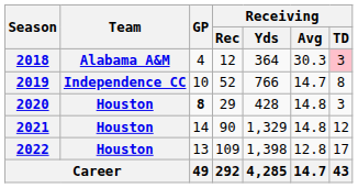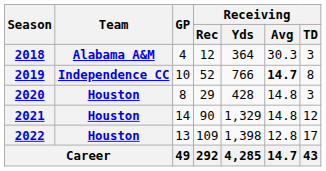 <table class="wikitable" style="text-align:center;">
 <tr>
 <th rowspan="2">Season</th>
 <th rowspan="2">Team</th>
 <th rowspan="2">GP</th>
 <th colspan="4">Receiving</th>
 </tr>
 <tr>
 <th>Rec</th>
 <th>Yds</th>
 <th>Avg</th>
 <th>TD</th>
 </tr>
 <tr>
 <th><a href='#'>2018</a></th>
 <th><a href='#'>Alabama A&M</a></th>
 <td>4</td>
 <td>12</td>
 <td>364</td>
 <td>30.3</td>
-<td style="background: pink;">3</td>
+<td>3</td>
 </tr>
 <tr>
 <th><a href='#'>2019</a></th>
 <th><a href='#'>Independence CC</a></th>
 <td>10</td>
 <td>52</td>
 <td>766</td>
-<td>14.7</td>
+<td><strong>14.7</strong></td>
 <td>8</td>
 </tr>
 <tr>
 <th><a href='#'>2020</a></th>
 <th><a href='#'>Houston</a></th>
-<td><strong>8</strong></td>
+<td>8</td>
 <td>29</td>
 <td>428</td>
 <td>14.8</td>
 <td>3</td>
 </tr>
 <tr>
 <th><a href='#'>2021</a></th>
 <th><a href='#'>Houston</a></th>
 <td>14</td>
 <td>90</td>
 <td>1,329</td>
 <td>14.8</td>
 <td>12</td>
 </tr>
 <tr>
 <th><a href='#'>2022</a></th>
 <th><a href='#'>Houston</a></th>
 <td>13</td>
 <td>109</td>
 <td>1,398</td>
 <td>12.8</td>
 <td>17</td>
 </tr>
 <tr>
 <th colspan="2">Career</th>
 <th>49</th>
 <th>292</th>
 <th>4,285</th>
 <th>14.7</th>
 <th>43</th>
 </tr>
 </table>
